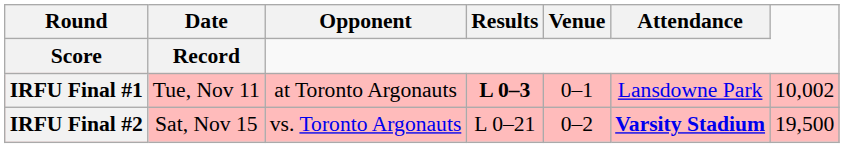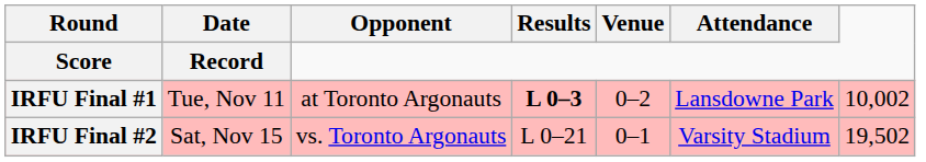 <table class="wikitable" style="text-align:center">
 <tr>
 <th>Round</th>
 <th>Date</th>
 <th>Opponent</th>
 <th>Results</th>
 <th>Venue</th>
 <th>Attendance</th>
 </tr>
 <tr>
 <th>Score</th>
 <th>Record</th>
 </tr>
 <tr style="background:#ffbbbb">
 <th>IRFU Final #1</th>
 <td>Tue, Nov 11</td>
 <td>at Toronto Argonauts</td>
 <td><strong>L 0–3</strong></td>
-<td>0–1</td>
+<td>0–2</td>
 <td><a href='#'>Lansdowne Park</a></td>
 <td>10,002</td>
 </tr>
 <tr style="background:#ffbbbb">
 <th>IRFU Final #2</th>
 <td>Sat, Nov 15</td>
 <td>vs. <a href='#'>Toronto Argonauts</a></td>
 <td>L 0–21</td>
-<td>0–2</td>
-<td><strong><a href='#'>Varsity Stadium</a></strong></td>
-<td>19,500</td>
+<td>0–1</td>
+<td><a href='#'>Varsity Stadium</a></td>
+<td>19,502</td>
 </tr>
 </table>
